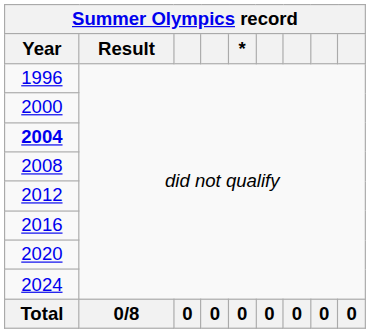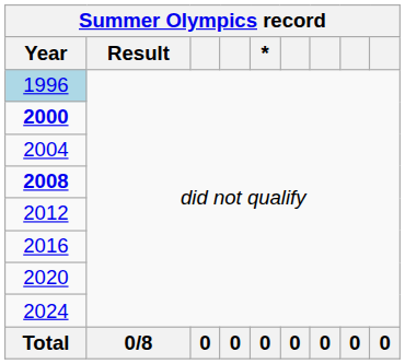 <table class="wikitable" style="text-align: center; width:50%;">
 <tr>
 <th colspan=10><a href='#'>Summer Olympics</a> record</th>
 </tr>
 <tr>
 <th>Year</th>
 <th>Result</th>
 <th></th>
 <th></th>
 <th>*</th>
 <th></th>
 <th></th>
 <th></th>
 <th></th>
 </tr>
 <tr>
-<td> <a href='#'>1996</a></td>
+<td style="background: lightblue;"> <a href='#'>1996</a></td>
 <td colspan=8 rowspan=8><em>did not qualify</em></td>
 </tr>
 <tr>
-<td> <a href='#'>2000</a></td>
+<td><strong> <a href='#'>2000</a></strong></td>
 </tr>
 <tr>
-<td><strong> <a href='#'>2004</a></strong></td>
+<td> <a href='#'>2004</a></td>
 </tr>
 <tr>
-<td> <a href='#'>2008</a></td>
+<td><strong> <a href='#'>2008</a></strong></td>
 </tr>
 <tr>
 <td> <a href='#'>2012</a></td>
 </tr>
 <tr>
 <td> <a href='#'>2016</a></td>
 </tr>
 <tr>
 <td> <a href='#'>2020</a></td>
 </tr>
 <tr>
 <td> <a href='#'>2024</a></td>
 </tr>
 <tr>
 <th>Total</th>
 <th>0/8</th>
 <th>0</th>
 <th>0</th>
 <th>0</th>
 <th>0</th>
 <th>0</th>
 <th>0</th>
 <th>0</th>
 </tr>
 </table>
